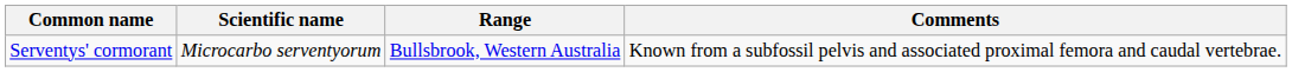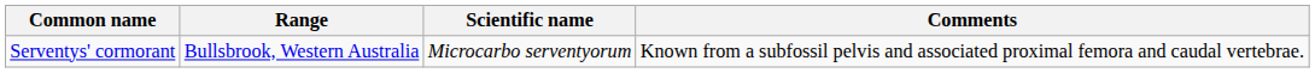 <table class="wikitable">
 <tr>
 <th>Common name</th>
+<th>Range</th>
 <th>Scientific name</th>
-<th>Range</th>
 <th class="unsortable">Comments</th>
 </tr>
 <tr>
 <td><a href='#'>Serventys' cormorant</a></td>
+<td><a href='#'>Bullsbrook, Western Australia</a></td>
 <td><em>Microcarbo serventyorum</em></td>
-<td><a href='#'>Bullsbrook, Western Australia</a></td>
 <td>Known from a subfossil pelvis and associated proximal femora and caudal vertebrae.</td>
 </tr>
 </table>
